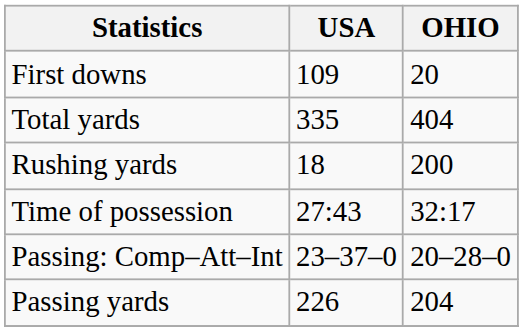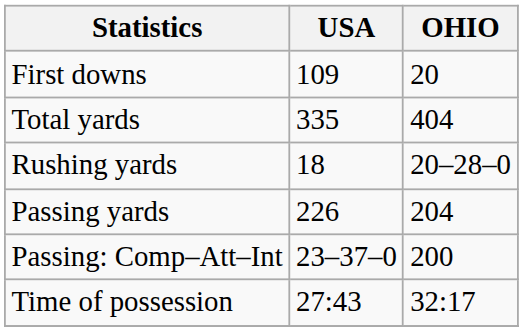 <table class="wikitable" style="float: left;">
 <tr>
 <th>Statistics</th>
 <th>USA</th>
 <th>OHIO</th>
 </tr>
 <tr>
 <td>First downs</td>
 <td>109</td>
 <td>20</td>
 </tr>
 <tr>
 <td>Total yards</td>
 <td>335</td>
 <td>404</td>
 </tr>
 <tr>
 <td>Rushing yards</td>
 <td>18</td>
+<td>20–28–0</td>
+</tr>
+<tr>
+<td>Passing yards</td>
+<td>226</td>
+<td>204</td>
+</tr>
+<tr>
+<td>Passing: Comp–Att–Int</td>
+<td>23–37–0</td>
 <td>200</td>
 </tr>
 <tr>
 <td>Time of possession</td>
 <td>27:43</td>
 <td>32:17</td>
 </tr>
 <tr>
-<td>Passing: Comp–Att–Int</td>
-<td>23–37–0</td>
-<td>20–28–0</td>
-</tr>
-<tr>
-<td>Passing yards</td>
-<td>226</td>
-<td>204</td>
-</tr>
-<tr>
 </tr>
 </table>
